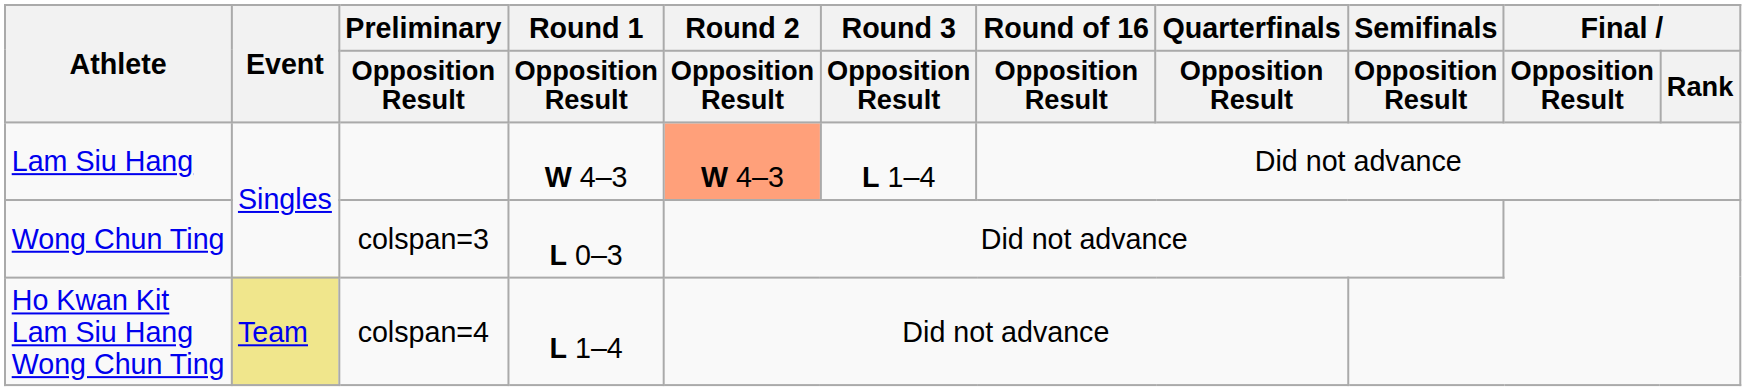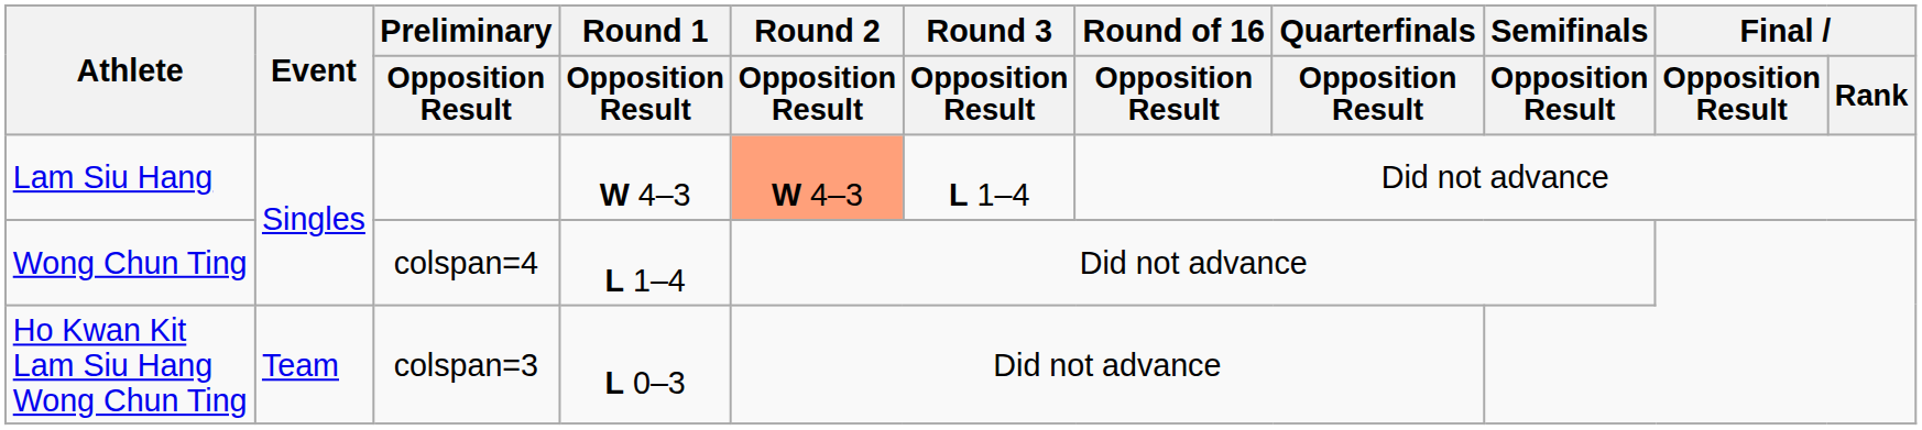 <table class="wikitable" style="font-size:90%;">
 <tr>
 <th rowspan=2>Athlete</th>
 <th rowspan=2>Event</th>
 <th>Preliminary</th>
 <th>Round 1</th>
 <th>Round 2</th>
 <th>Round 3</th>
 <th>Round of 16</th>
 <th>Quarterfinals</th>
 <th>Semifinals</th>
 <th colspan=2>Final / </th>
 </tr>
 <tr style="font-size:95%">
 <th>Opposition<br>Result</th>
 <th>Opposition<br>Result</th>
 <th>Opposition<br>Result</th>
 <th>Opposition<br>Result</th>
 <th>Opposition<br>Result</th>
 <th>Opposition<br>Result</th>
 <th>Opposition<br>Result</th>
 <th>Opposition<br>Result</th>
 <th>Rank</th>
 </tr>
 <tr align=center>
 <td align=left><a href='#'>Lam Siu Hang</a></td>
 <td align=left rowspan=2><a href='#'>Singles</a></td>
 <td></td>
 <td><br><strong>W</strong> 4–3</td>
 <td style="background: lightsalmon;"><br><strong>W</strong> 4–3</td>
 <td><br><strong>L</strong> 1–4</td>
 <td colspan=5>Did not advance</td>
 </tr>
 <tr align=center>
 <td align=left><a href='#'>Wong Chun Ting</a></td>
-<td>colspan=3 </td>
-<td><br><strong>L</strong> 0–3</td>
+<td>colspan=4 </td>
+<td><br><strong>L</strong> 1–4</td>
 <td colspan=5>Did not advance</td>
 </tr>
 <tr align=center>
 <td align=left><a href='#'>Ho Kwan Kit</a><br><a href='#'>Lam Siu Hang</a><br><a href='#'>Wong Chun Ting</a></td>
-<td align=left style="background: khaki;"><a href='#'>Team</a></td>
-<td>colspan=4 </td>
-<td><br><strong>L</strong> 1–4</td>
+<td align=left><a href='#'>Team</a></td>
+<td>colspan=3 </td>
+<td><br><strong>L</strong> 0–3</td>
 <td colspan=4>Did not advance</td>
 </tr>
 </table>
